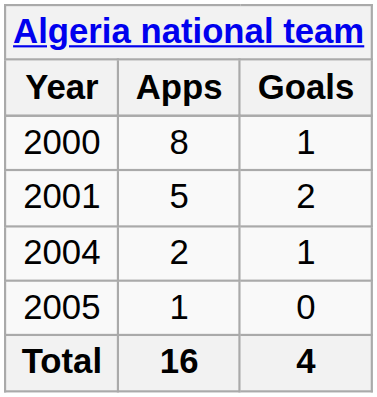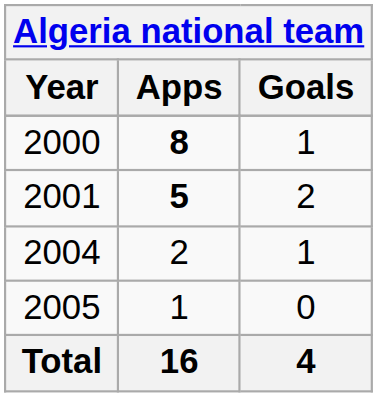 <table class="wikitable" style="text-align:center">
 <tr>
 <th colspan=3><a href='#'>Algeria national team</a></th>
 </tr>
 <tr>
 <th>Year</th>
 <th>Apps</th>
 <th>Goals</th>
 </tr>
 <tr>
 </tr>
 <tr>
 <td>2000</td>
-<td>8</td>
+<td><strong>8</strong></td>
 <td>1</td>
 </tr>
 <tr>
 <td>2001</td>
-<td>5</td>
+<td><strong>5</strong></td>
 <td>2</td>
 </tr>
 <tr>
 <td>2004</td>
 <td>2</td>
 <td>1</td>
 </tr>
 <tr>
 <td>2005</td>
 <td>1</td>
 <td>0</td>
 </tr>
 <tr>
 <th>Total</th>
 <th>16</th>
 <th>4</th>
 </tr>
 </table>
